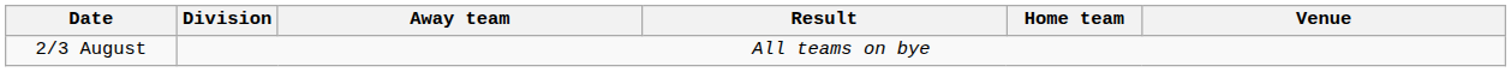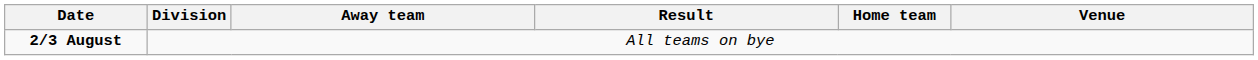 <table class="wikitable mw-collapsible mw-collapsed" style="font-size:95%; text-align:center; width:81em;">
 <tr>
 <th style="width:9em;">Date</th>
 <th style="width:5em;">Division</th>
 <th style="width:20em;">Away team</th>
 <th style="width:20em;">Result</th>
 <th style="width:7em;">Home team</th>
 <th style="width:20em;">Venue</th>
 </tr>
 <tr>
-<td>2/3 August</td>
+<td><strong>2/3 August</strong></td>
 <td colspan="5"><em>All teams on bye</em></td>
 </tr>
 </table>
